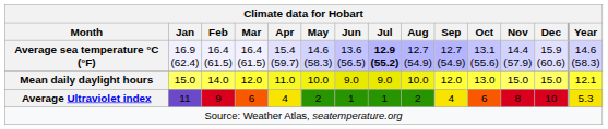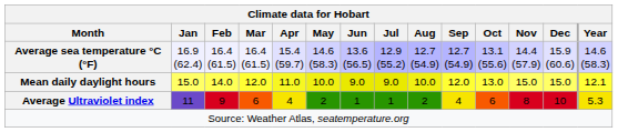 <table class="wikitable mw-collapsible" style="width:100%;text-align:center;line-height:1.2em;margin-left:auto;margin-right:auto">
 <tr>
 <th colspan="14">Climate data for Hobart</th>
 </tr>
 <tr>
 <th>Month</th>
 <th>Jan</th>
 <th>Feb</th>
 <th>Mar</th>
 <th>Apr</th>
 <th>May</th>
 <th>Jun</th>
 <th>Jul</th>
 <th>Aug</th>
 <th>Sep</th>
 <th>Oct</th>
 <th>Nov</th>
 <th>Dec</th>
 <th style="border-left-width:medium">Year</th>
 </tr>
 <tr>
 <th>Average sea temperature °C (°F)</th>
 <td style="background:#F0F0FF;color:#000000;">16.9<br>(62.4)</td>
 <td style="background:#F0F0FF;color:#000000;">16.4<br>(61.5)</td>
 <td style="background:#F0F0FF;color:#000000;">16.4<br>(61.5)</td>
 <td style="background:#E1E1FF;color:#000000;">15.4<br>(59.7)</td>
 <td style="background:#D2D2FF;color:#000000;">14.6<br>(58.3)</td>
 <td style="background:#C3C3FF;color:#000000;">13.6<br>(56.5)</td>
-<td style="background:#B4B4FF;color:#000000;"><strong>12.9<br>(55.2)</strong></td>
+<td style="background:#B4B4FF;color:#000000;">12.9<br>(55.2)</td>
 <td style="background:#B4B4FF;color:#000000;">12.7<br>(54.9)</td>
 <td style="background:#B4B4FF;color:#000000;">12.7<br>(54.9)</td>
 <td style="background:#C3C3FF;color:#000000;">13.1<br>(55.6)</td>
 <td style="background:#D2D2FF;color:#000000;">14.4<br>(57.9)</td>
 <td style="background:#E1E1FF;color:#000000;">15.9<br>(60.6)</td>
 <td style="background:#D2D2FF;color:#000000;border-left-width:medium">14.6<br>(58.3)</td>
 </tr>
 <tr>
 <th>Mean daily daylight hours</th>
 <td style="background:#FFFF66;color:#000000;">15.0</td>
 <td style="background:#FFFF55;color:#000000;">14.0</td>
 <td style="background:#FFFF33;color:#000000;">12.0</td>
 <td style="background:#F7F722;color:#000000;">11.0</td>
 <td style="background:#F0F011;color:#000000;">10.0</td>
 <td style="background:#E9E900;color:#000000;">9.0</td>
 <td style="background:#E9E900;color:#000000;">9.0</td>
 <td style="background:#F0F011;color:#000000;">10.0</td>
 <td style="background:#FFFF33;color:#000000;">12.0</td>
 <td style="background:#FFFF44;color:#000000;">13.0</td>
 <td style="background:#FFFF66;color:#000000;">15.0</td>
 <td style="background:#FFFF66;color:#000000;">15.0</td>
 <td style="background:#FFFF34;color:#000000;border-left-width:medium">12.1</td>
 </tr>
 <tr>
 <th>Average <a href='#'>Ultraviolet index</a></th>
 <td style="background:#6b49c8;color:#000000;">11</td>
 <td style="background:#d8001d;color:#000000;">9</td>
 <td style="background:#f85900;color:#000000;">6</td>
 <td style="background:#f7e400;color:#000000;">4</td>
 <td style="background:#289500;color:#000000;">2</td>
 <td style="background:#289500;color:#000000;">1</td>
 <td style="background:#289500;color:#000000;">1</td>
 <td style="background:#289500;color:#000000;">2</td>
 <td style="background:#f7e400;color:#000000;">4</td>
 <td style="background:#f85900;color:#000000;">6</td>
 <td style="background:#d8001d;color:#000000;">8</td>
 <td style="background:#d8001d;color:#000000;">10</td>
 <td style="background:#f7e400;color:#000000;border-left-width:medium">5.3</td>
 </tr>
 <tr>
 <th colspan="14" style="background:#f8f9fa;font-weight:normal;font-size:95%;">Source: Weather Atlas, <em>seatemperature.org</em></th>
 </tr>
 </table>
